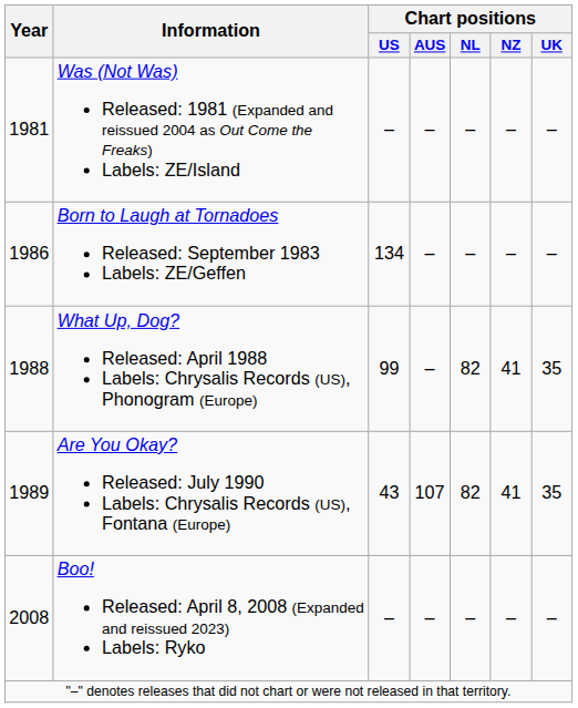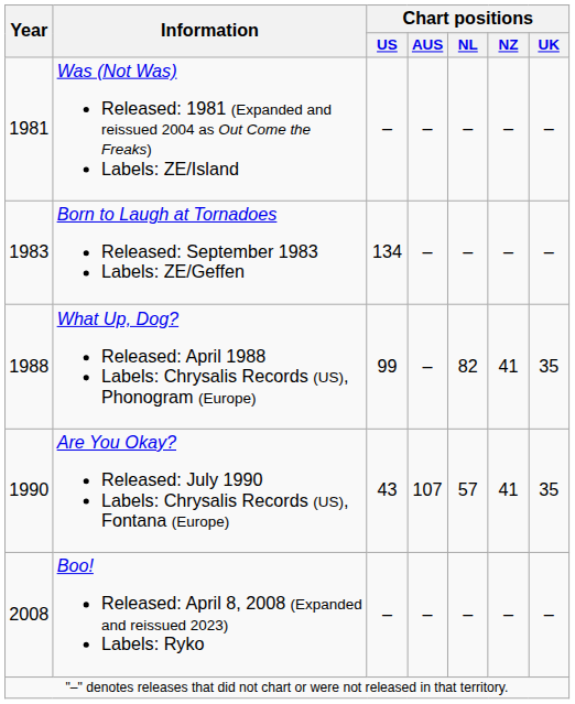 <table class="wikitable" style=text-align:center;>
 <tr>
 <th rowspan="2">Year</th>
 <th rowspan="2" width="275">Information</th>
 <th colspan="5">Chart positions</th>
 </tr>
 <tr style="font-size:smaller;">
 <th width="30"><a href='#'>US</a><br></th>
 <th width="30"><a href='#'>AUS</a><br></th>
 <th width="30"><a href='#'>NL</a><br></th>
 <th width="30"><a href='#'>NZ</a><br></th>
 <th width="30"><a href='#'>UK</a><br></th>
 </tr>
 <tr>
 <td>1981</td>
 <td align="left"><em><a href='#'>Was (Not Was)</a></em><br><ul><li>Released: 1981 <small>(Expanded and reissued 2004 as <em>Out Come the Freaks</em>)</small></li><li>Labels: ZE/Island</li></ul></td>
 <td>–</td>
 <td>–</td>
 <td>–</td>
 <td>–</td>
 <td>–</td>
 </tr>
 <tr>
-<td>1986</td>
+<td>1983</td>
 <td align="left"><em><a href='#'>Born to Laugh at Tornadoes</a></em><br><ul><li>Released: September 1983</li><li>Labels: ZE/Geffen</li></ul></td>
 <td>134</td>
 <td>–</td>
 <td>–</td>
 <td>–</td>
 <td>–</td>
 </tr>
 <tr>
 <td>1988</td>
 <td align="left"><em><a href='#'>What Up, Dog?</a></em><br><ul><li>Released: April 1988</li><li>Labels: Chrysalis Records <small>(US)</small>, Phonogram <small>(Europe)</small></li></ul></td>
 <td>99</td>
 <td>–</td>
 <td>82</td>
 <td>41</td>
 <td>35</td>
 </tr>
 <tr>
-<td>1989</td>
+<td>1990</td>
 <td align="left"><em><a href='#'>Are You Okay?</a></em><br><ul><li>Released: July 1990</li><li>Labels: Chrysalis Records <small>(US)</small>, Fontana <small>(Europe)</small></li></ul></td>
 <td>43</td>
 <td>107</td>
-<td>82</td>
+<td>57</td>
 <td>41</td>
 <td>35</td>
 </tr>
 <tr>
 <td>2008</td>
 <td align="left"><em><a href='#'>Boo!</a></em><br><ul><li>Released: April 8, 2008 <small>(Expanded and reissued 2023)</small></li><li>Labels: Ryko</li></ul></td>
 <td>–</td>
 <td>–</td>
 <td>–</td>
 <td>–</td>
 <td>–</td>
 </tr>
 <tr>
 <td colspan="9" style="text-align:center; font-size:9pt;">"–" denotes releases that did not chart or were not released in that territory.</td>
 </tr>
 </table>
